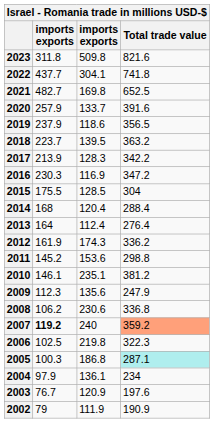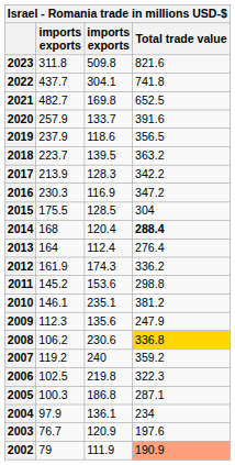 <table class="wikitable mw-collapsible mw-collapsed">
 <tr>
 <th colspan="4">Israel - Romania trade in millions USD-$</th>
 </tr>
 <tr>
 <th></th>
 <th> imports<br> exports</th>
 <th> imports<br> exports</th>
 <th>Total trade value</th>
 </tr>
 <tr>
 <th>2023</th>
 <td>311.8</td>
 <td>509.8</td>
 <td>821.6</td>
 </tr>
 <tr>
 <th>2022</th>
 <td>437.7</td>
 <td>304.1</td>
 <td>741.8</td>
 </tr>
 <tr>
 <th>2021</th>
 <td>482.7</td>
 <td>169.8</td>
 <td>652.5</td>
 </tr>
 <tr>
 <th>2020</th>
 <td>257.9</td>
 <td>133.7</td>
 <td>391.6</td>
 </tr>
 <tr>
 <th>2019</th>
 <td>237.9</td>
 <td>118.6</td>
 <td>356.5</td>
 </tr>
 <tr>
 <th>2018</th>
 <td>223.7</td>
 <td>139.5</td>
 <td>363.2</td>
 </tr>
 <tr>
 <th>2017</th>
 <td>213.9</td>
 <td>128.3</td>
 <td>342.2</td>
 </tr>
 <tr>
 <th>2016</th>
 <td>230.3</td>
 <td>116.9</td>
 <td>347.2</td>
 </tr>
 <tr>
 <th>2015</th>
 <td>175.5</td>
 <td>128.5</td>
 <td>304</td>
 </tr>
 <tr>
 <th>2014</th>
 <td>168</td>
 <td>120.4</td>
-<td>288.4</td>
+<td><strong>288.4</strong></td>
 </tr>
 <tr>
 <th>2013</th>
 <td>164</td>
 <td>112.4</td>
 <td>276.4</td>
 </tr>
 <tr>
 <th>2012</th>
 <td>161.9</td>
 <td>174.3</td>
 <td>336.2</td>
 </tr>
 <tr>
 <th>2011</th>
 <td>145.2</td>
 <td>153.6</td>
 <td>298.8</td>
 </tr>
 <tr>
 <th>2010</th>
 <td>146.1</td>
 <td>235.1</td>
 <td>381.2</td>
 </tr>
 <tr>
 <th>2009</th>
 <td>112.3</td>
 <td>135.6</td>
 <td>247.9</td>
 </tr>
 <tr>
 <th>2008</th>
 <td>106.2</td>
 <td>230.6</td>
-<td>336.8</td>
+<td style="background: gold;">336.8</td>
 </tr>
 <tr>
 <th>2007</th>
-<td><strong>119.2</strong></td>
+<td>119.2</td>
 <td>240</td>
-<td style="background: lightsalmon;">359.2</td>
+<td>359.2</td>
 </tr>
 <tr>
 <th>2006</th>
 <td>102.5</td>
 <td>219.8</td>
 <td>322.3</td>
 </tr>
 <tr>
 <th>2005</th>
 <td>100.3</td>
 <td>186.8</td>
-<td style="background: paleturquoise;">287.1</td>
+<td>287.1</td>
 </tr>
 <tr>
 <th>2004</th>
 <td>97.9</td>
 <td>136.1</td>
 <td>234</td>
 </tr>
 <tr>
 <th>2003</th>
 <td>76.7</td>
 <td>120.9</td>
 <td>197.6</td>
 </tr>
 <tr>
 <th>2002</th>
 <td>79</td>
 <td>111.9</td>
-<td>190.9</td>
+<td style="background: lightsalmon;">190.9</td>
 </tr>
 </table>
